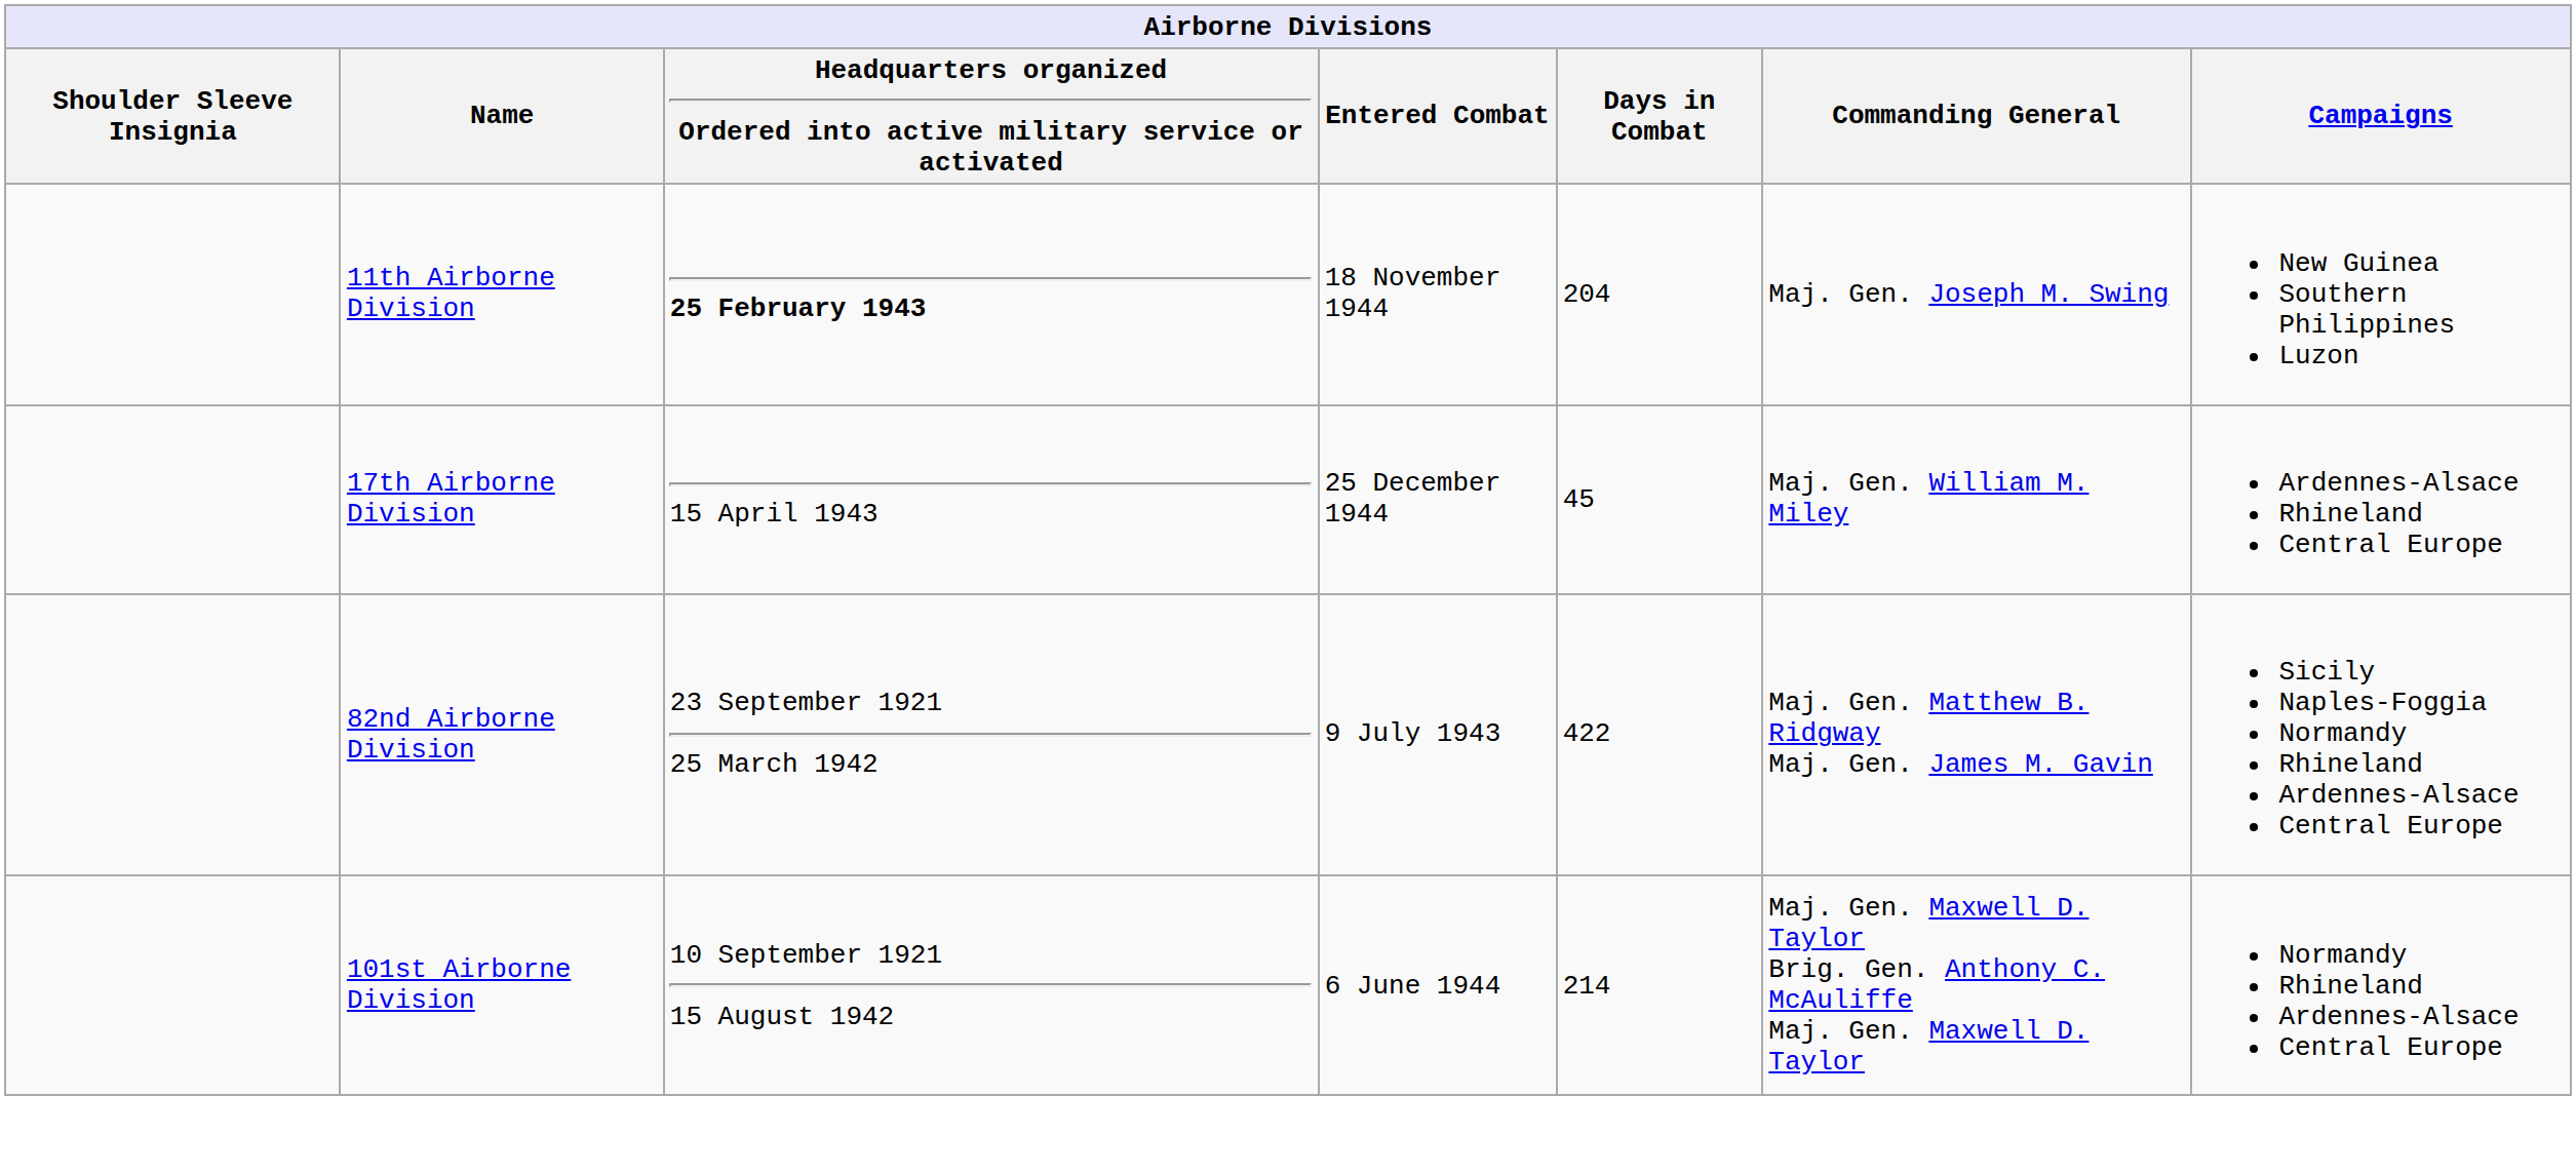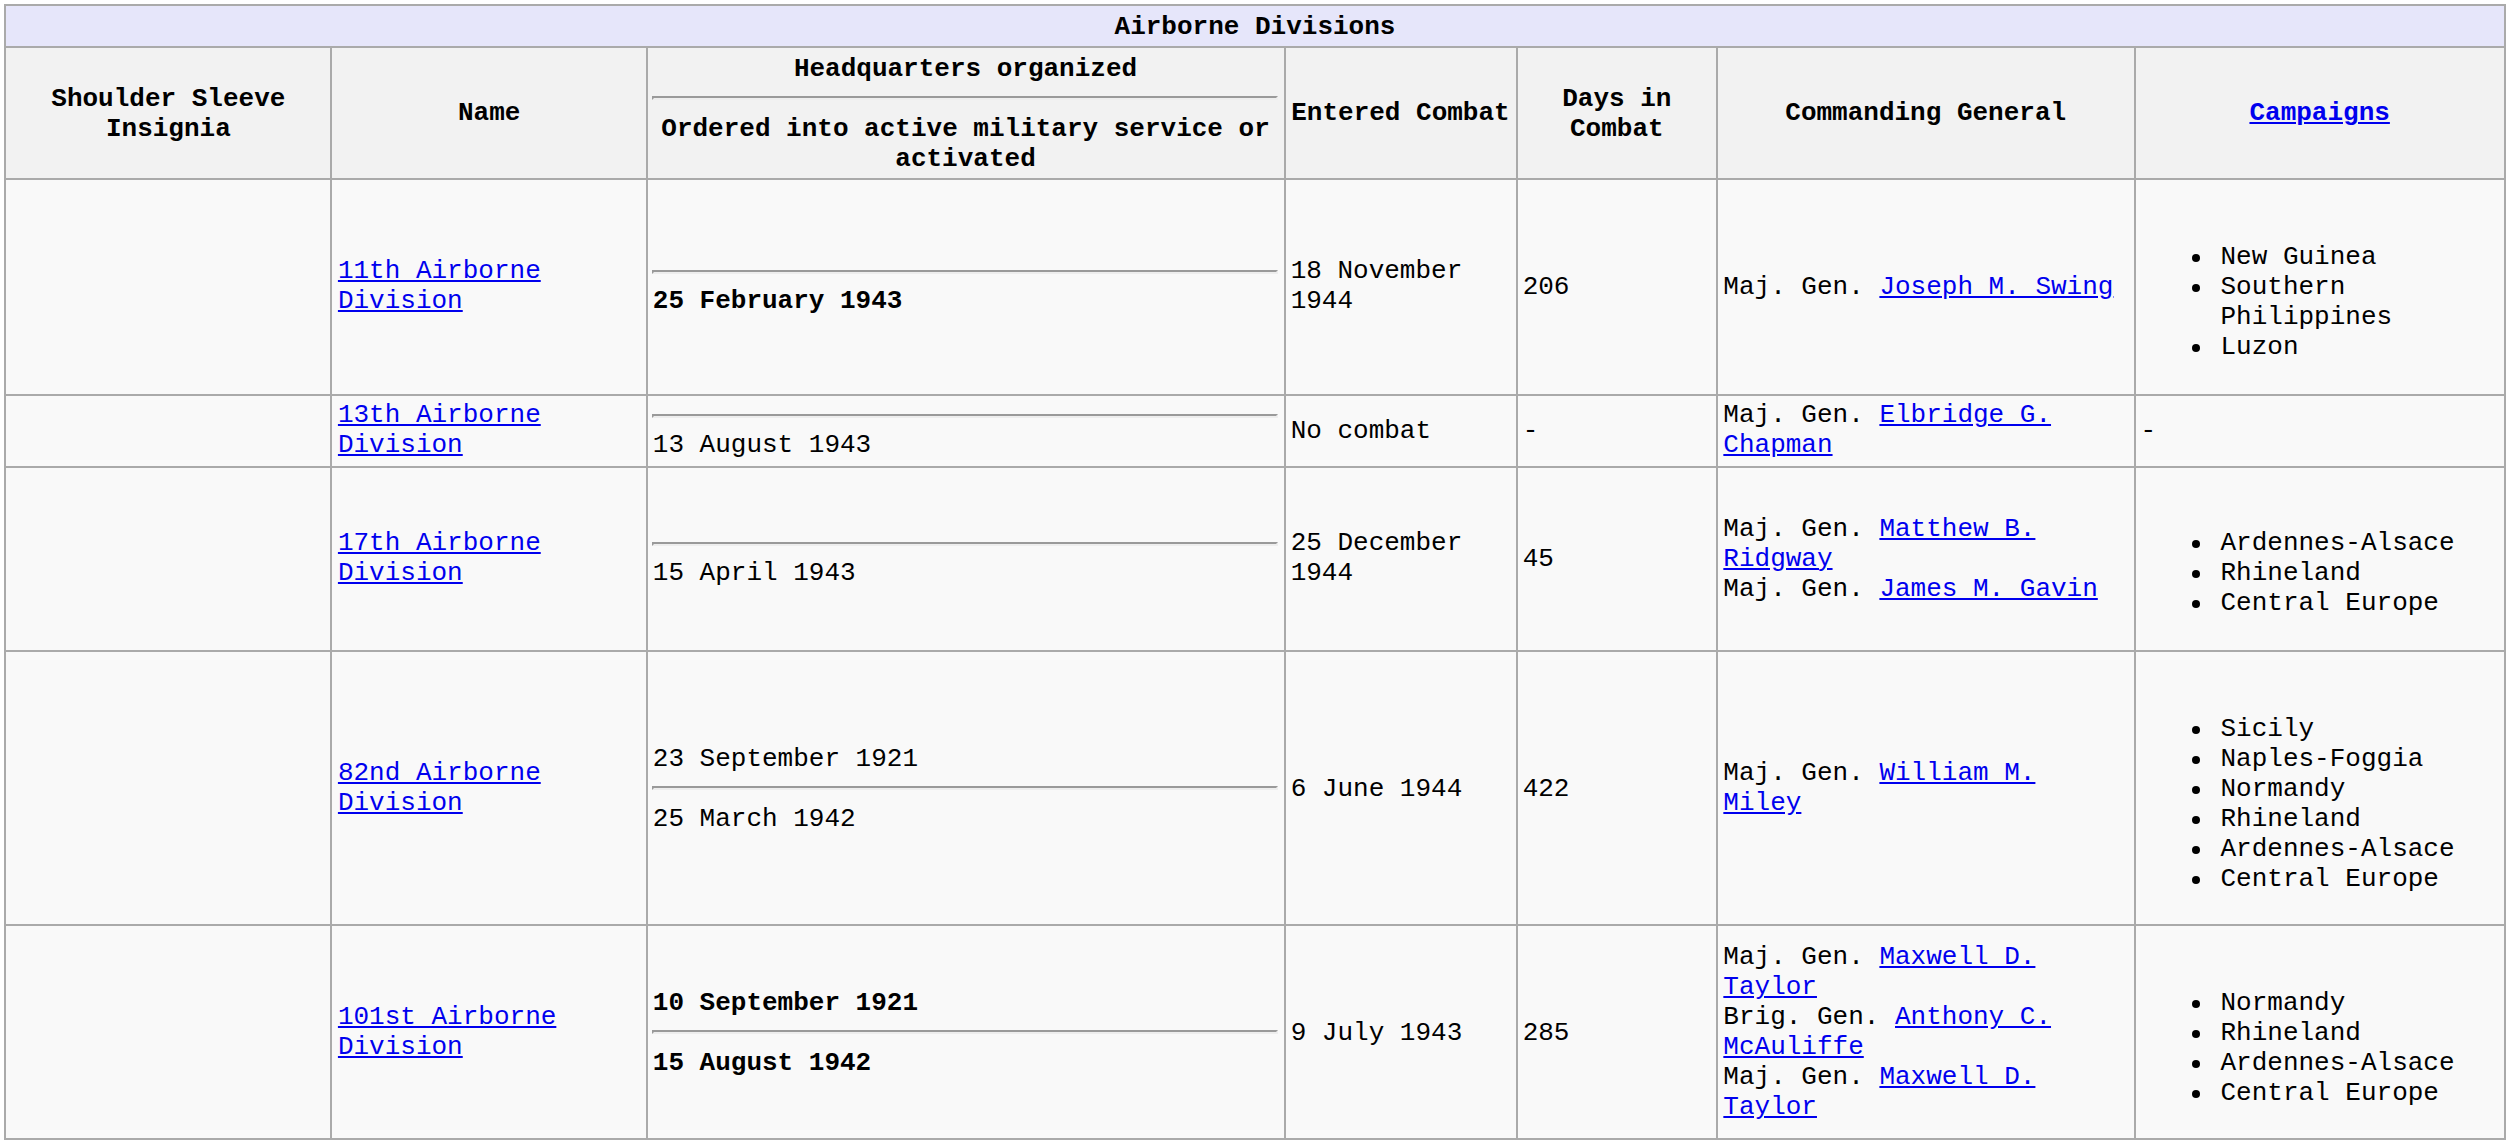 <table class="wikitable">
 <tr>
 <th style="align: center; background: lavender;" colspan="7">Airborne Divisions</th>
 </tr>
 <tr>
 <th style="text-align: center; ">Shoulder Sleeve Insignia</th>
 <th style="text-align: center; ">Name</th>
 <th style="text-align: center; ">Headquarters organized <hr> Ordered into active military service or activated</th>
 <th style="text-align: center; ">Entered Combat</th>
 <th style="text-align: center; ">Days in Combat</th>
 <th style="text-align: center; ">Commanding General</th>
 <th style="text-align: center; "><a href='#'>Campaigns</a></th>
 </tr>
 <tr>
 <td></td>
 <td><a href='#'>11th Airborne Division</a></td>
 <td><strong><hr> 25 February 1943</strong></td>
 <td>18 November 1944</td>
-<td>204</td>
+<td>206</td>
 <td>Maj. Gen. <a href='#'>Joseph M. Swing</a></td>
 <td><br><ul><li>New Guinea</li><li>Southern Philippines</li><li>Luzon</li></ul></td>
+</tr>
+<tr>
+<td></td>
+<td><a href='#'>13th Airborne Division</a></td>
+<td><hr> 13 August 1943</td>
+<td>No combat</td>
+<td>-</td>
+<td>Maj. Gen. <a href='#'>Elbridge G. Chapman</a></td>
+<td>-</td>
 </tr>
 <tr>
 <td></td>
 <td><a href='#'>17th Airborne Division</a></td>
 <td><hr> 15 April 1943</td>
 <td>25 December 1944</td>
 <td>45</td>
-<td>Maj. Gen. <a href='#'>William M. Miley</a></td>
+<td>Maj. Gen. <a href='#'>Matthew B. Ridgway</a><br>Maj. Gen. <a href='#'>James M. Gavin</a></td>
 <td><br><ul><li>Ardennes-Alsace</li><li>Rhineland</li><li>Central Europe</li></ul></td>
 </tr>
 <tr>
 <td></td>
 <td><a href='#'>82nd Airborne Division</a></td>
 <td>23 September 1921 <hr> 25 March 1942</td>
-<td>9 July 1943</td>
+<td>6 June 1944</td>
 <td>422</td>
-<td>Maj. Gen. <a href='#'>Matthew B. Ridgway</a><br>Maj. Gen. <a href='#'>James M. Gavin</a></td>
+<td>Maj. Gen. <a href='#'>William M. Miley</a></td>
 <td><br><ul><li>Sicily</li><li>Naples-Foggia</li><li>Normandy</li><li>Rhineland</li><li>Ardennes-Alsace</li><li>Central Europe</li></ul></td>
 </tr>
 <tr>
 <td></td>
 <td><a href='#'>101st Airborne Division</a></td>
-<td>10 September 1921 <hr> 15 August 1942</td>
-<td>6 June 1944</td>
-<td>214</td>
+<td><strong>10 September 1921 <hr> 15 August 1942</strong></td>
+<td>9 July 1943</td>
+<td>285</td>
 <td>Maj. Gen. <a href='#'>Maxwell D. Taylor</a><br>Brig. Gen. <a href='#'>Anthony C. McAuliffe</a><br>Maj. Gen. <a href='#'>Maxwell D. Taylor</a></td>
 <td><br><ul><li>Normandy</li><li>Rhineland</li><li>Ardennes-Alsace</li><li>Central Europe</li></ul></td>
 </tr>
 </table>
